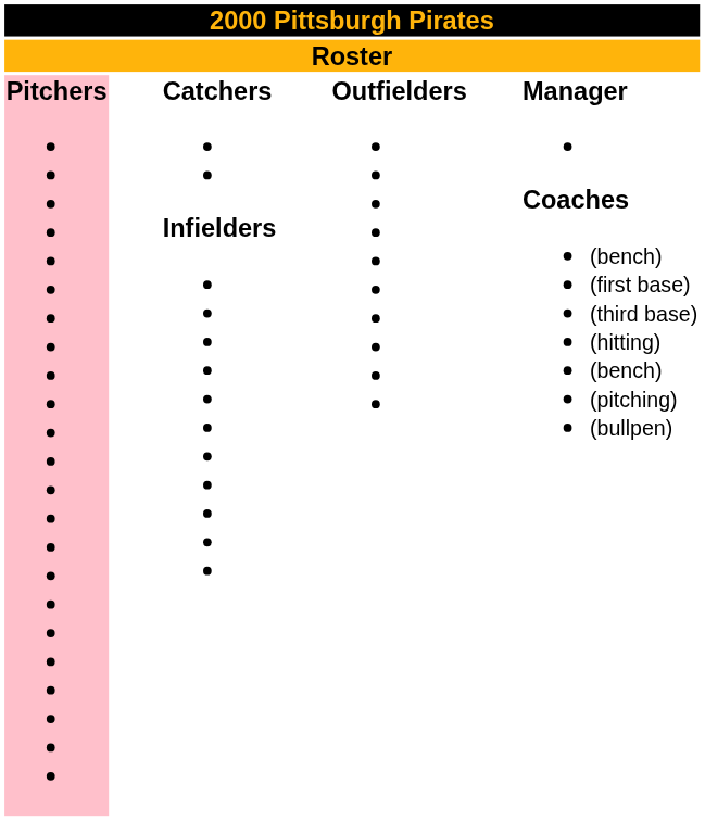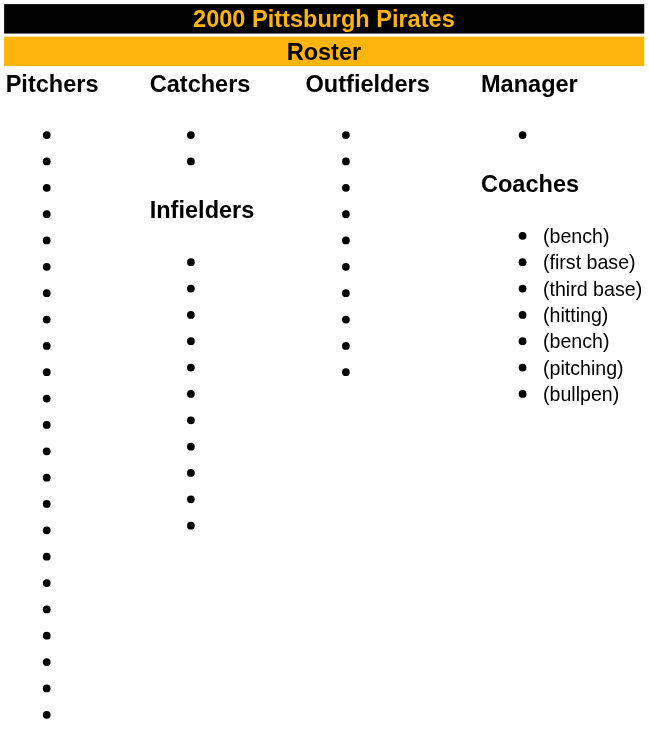 <table class="toccolours" style="font-size: 95%;">
 <tr>
 <th colspan="10" style="background-color: black; color: #FFB40B; text-align: center;">2000 Pittsburgh Pirates</th>
 </tr>
 <tr>
 <td colspan="10" style="background-color: #FFB40B; color: black; text-align: center;"><strong>Roster</strong></td>
 </tr>
 <tr>
-<td valign="top" style="background: pink;"><strong>Pitchers</strong><br><ul><li></li><li></li><li></li><li></li><li></li><li></li><li></li><li></li><li></li><li></li><li></li><li></li><li></li><li></li><li></li><li></li><li></li><li></li><li></li><li></li><li></li><li></li><li></li></ul></td>
+<td valign="top"><strong>Pitchers</strong><br><ul><li></li><li></li><li></li><li></li><li></li><li></li><li></li><li></li><li></li><li></li><li></li><li></li><li></li><li></li><li></li><li></li><li></li><li></li><li></li><li></li><li></li><li></li><li></li></ul></td>
 <td width="25px"></td>
 <td valign="top"><strong>Catchers</strong><br><ul><li></li><li></li></ul><strong>Infielders</strong><ul><li></li><li></li><li></li><li></li><li></li><li></li><li></li><li></li><li></li><li></li><li></li></ul></td>
 <td width="25px"></td>
 <td valign="top"><strong>Outfielders</strong><br><ul><li></li><li></li><li></li><li></li><li></li><li></li><li></li><li></li><li></li><li></li></ul></td>
 <td width="25px"></td>
 <td valign="top"><strong>Manager</strong><br><ul><li></li></ul><strong>Coaches</strong><ul><li> <small>(bench)</small></li><li> <small>(first base)</small></li><li> <small>(third base)</small></li><li> <small>(hitting)</small></li><li> <small>(bench)</small></li><li> <small>(pitching)</small></li><li> <small>(bullpen)</small></li></ul></td>
 </tr>
 </table>
